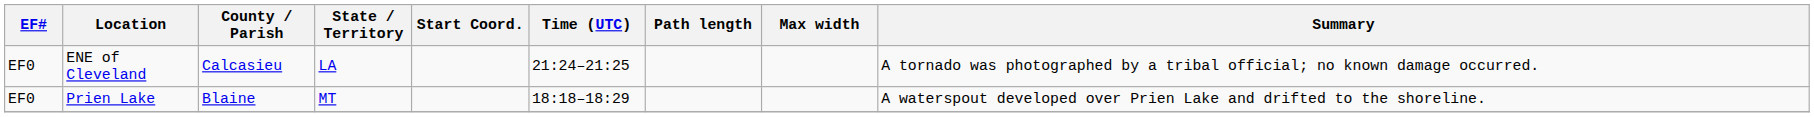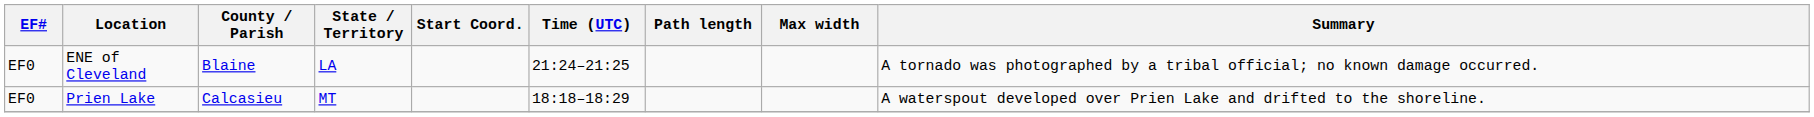 <table class="wikitable sortable" style="width:100%;">
 <tr>
 <th scope="col"  style="width:3%; text-align:center;"><a href='#'>EF#</a></th>
 <th scope="col"  style="width:7%; text-align:center;" class="unsortable">Location</th>
 <th scope="col"  style="width:6%; text-align:center;" class="unsortable">County / Parish</th>
 <th scope="col"  style="width:5%; text-align:center;">State / Territory</th>
 <th scope="col"  style="width:6%; text-align:center;">Start Coord.</th>
 <th scope="col"  style="width:6%; text-align:center;">Time (<a href='#'>UTC</a>)</th>
 <th scope="col"  style="width:6%; text-align:center;">Path length</th>
 <th scope="col"  style="width:6%; text-align:center;">Max width</th>
 <th scope="col" class="unsortable" style="width:48%; text-align:center;">Summary</th>
 </tr>
 <tr>
 <td>EF0</td>
 <td>ENE of <a href='#'>Cleveland</a></td>
-<td><a href='#'>Calcasieu</a></td>
+<td><a href='#'>Blaine</a></td>
 <td><a href='#'>LA</a></td>
 <td></td>
 <td>21:24–21:25</td>
 <td></td>
 <td></td>
 <td>A tornado was photographed by a tribal official; no known damage occurred.</td>
 </tr>
 <tr>
 <td>EF0</td>
 <td><a href='#'>Prien Lake</a></td>
-<td><a href='#'>Blaine</a></td>
+<td><a href='#'>Calcasieu</a></td>
 <td><a href='#'>MT</a></td>
 <td></td>
 <td>18:18–18:29</td>
 <td></td>
 <td></td>
 <td>A waterspout developed over Prien Lake and drifted to the shoreline.</td>
 </tr>
 <tr>
 </tr>
 </table>
